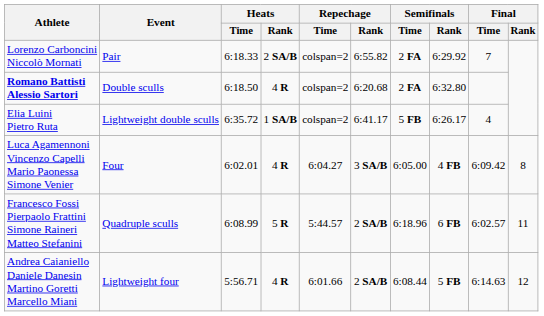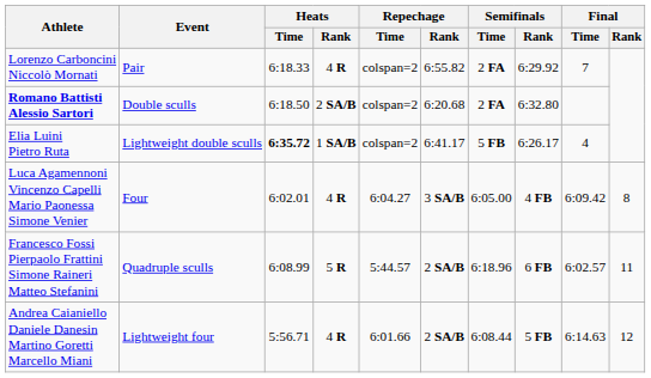 <table class="wikitable" style="font-size:90%">
 <tr>
 <th rowspan="2">Athlete</th>
 <th rowspan="2">Event</th>
 <th colspan="2">Heats</th>
 <th colspan="2">Repechage</th>
 <th colspan="2">Semifinals</th>
 <th colspan="2">Final</th>
 </tr>
 <tr style="font-size:95%">
 <th>Time</th>
 <th>Rank</th>
 <th>Time</th>
 <th>Rank</th>
 <th>Time</th>
 <th>Rank</th>
 <th>Time</th>
 <th>Rank</th>
 </tr>
 <tr align=center>
 <td align=left><a href='#'>Lorenzo Carboncini</a><br><a href='#'>Niccolò Mornati</a></td>
 <td align=left><a href='#'>Pair</a></td>
 <td>6:18.33</td>
-<td>2 <strong>SA/B</strong></td>
+<td>4 <strong>R</strong></td>
 <td>colspan=2 </td>
 <td>6:55.82</td>
 <td>2 <strong>FA</strong></td>
 <td>6:29.92</td>
 <td>7</td>
 </tr>
 <tr align=center>
 <td align=left><strong><a href='#'>Romano Battisti</a><br><a href='#'>Alessio Sartori</a></strong></td>
 <td align=left><a href='#'>Double sculls</a></td>
 <td>6:18.50</td>
-<td>4 <strong>R</strong></td>
+<td>2 <strong>SA/B</strong></td>
 <td>colspan=2 </td>
 <td>6:20.68</td>
 <td>2 <strong>FA</strong></td>
 <td>6:32.80</td>
 <td></td>
 </tr>
 <tr align=center>
 <td align=left><a href='#'>Elia Luini</a><br><a href='#'>Pietro Ruta</a></td>
 <td align=left><a href='#'>Lightweight double sculls</a></td>
-<td>6:35.72</td>
+<td><strong>6:35.72</strong></td>
 <td>1 <strong>SA/B</strong></td>
 <td>colspan=2 </td>
 <td>6:41.17</td>
 <td>5 <strong>FB</strong></td>
 <td>6:26.17</td>
 <td>4</td>
 </tr>
 <tr align=center>
 <td align=left><a href='#'>Luca Agamennoni</a><br><a href='#'>Vincenzo Capelli</a><br><a href='#'>Mario Paonessa</a><br><a href='#'>Simone Venier</a></td>
 <td align=left><a href='#'>Four</a></td>
 <td>6:02.01</td>
 <td>4 <strong>R</strong></td>
 <td>6:04.27</td>
 <td>3 <strong>SA/B</strong></td>
 <td>6:05.00</td>
 <td>4 <strong>FB</strong></td>
 <td>6:09.42</td>
 <td>8</td>
 </tr>
 <tr align=center>
 <td align=left><a href='#'>Francesco Fossi</a><br><a href='#'>Pierpaolo Frattini</a><br><a href='#'>Simone Raineri</a><br><a href='#'>Matteo Stefanini</a></td>
 <td align=left><a href='#'>Quadruple sculls</a></td>
 <td>6:08.99</td>
 <td>5 <strong>R</strong></td>
 <td>5:44.57</td>
 <td>2 <strong>SA/B</strong></td>
 <td>6:18.96</td>
 <td>6 <strong>FB</strong></td>
 <td>6:02.57</td>
 <td>11</td>
 </tr>
 <tr align=center>
 <td align=left><a href='#'>Andrea Caianiello</a><br><a href='#'>Daniele Danesin</a><br><a href='#'>Martino Goretti</a><br><a href='#'>Marcello Miani</a></td>
 <td align=left><a href='#'>Lightweight four</a></td>
 <td>5:56.71</td>
 <td>4 <strong>R</strong></td>
 <td>6:01.66</td>
 <td>2 <strong>SA/B</strong></td>
 <td>6:08.44</td>
 <td>5 <strong>FB</strong></td>
 <td>6:14.63</td>
 <td>12</td>
 </tr>
 </table>
